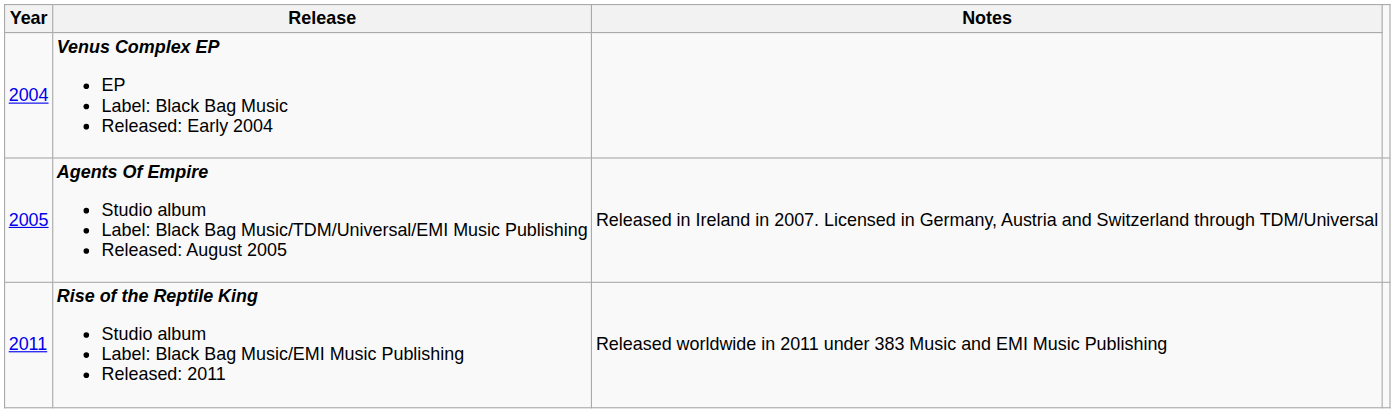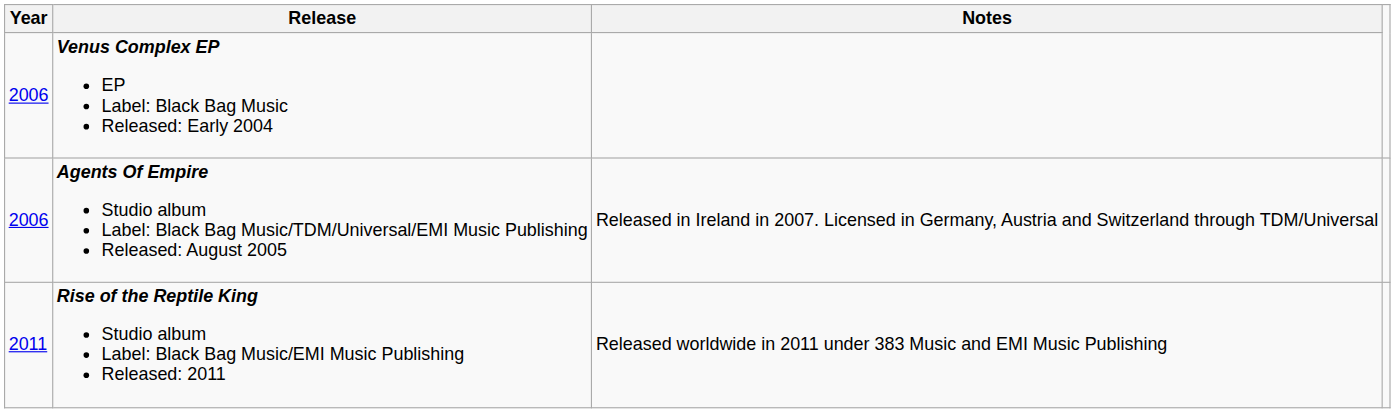 <table class="wikitable">
 <tr>
 <th align="center" rowspan="1">Year</th>
 <th align="center" rowspan="1">Release</th>
 <th align="center" rowspan="1">Notes</th>
 </tr>
 <tr>
-<td><a href='#'>2004</a></td>
+<td><a href='#'>2006</a></td>
 <td><strong><em>Venus Complex EP</em></strong><br><ul><li>EP</li><li>Label: Black Bag Music</li><li>Released: Early 2004</li></ul></td>
 <td></td>
 </tr>
 <tr>
-<td><a href='#'>2005</a></td>
+<td><a href='#'>2006</a></td>
 <td><strong><em>Agents Of Empire</em></strong><br><ul><li>Studio album</li><li>Label: Black Bag Music/TDM/Universal/EMI Music Publishing</li><li>Released: August 2005</li></ul></td>
 <td>Released in Ireland in 2007. Licensed in Germany, Austria and Switzerland through TDM/Universal</td>
 <td></td>
 </tr>
 <tr>
 <td><a href='#'>2011</a></td>
 <td><strong><em>Rise of the Reptile King</em></strong><br><ul><li>Studio album</li><li>Label: Black Bag Music/EMI Music Publishing</li><li>Released: 2011</li></ul></td>
 <td>Released worldwide in 2011 under 383 Music and EMI Music Publishing</td>
 <td></td>
 </tr>
 </table>
